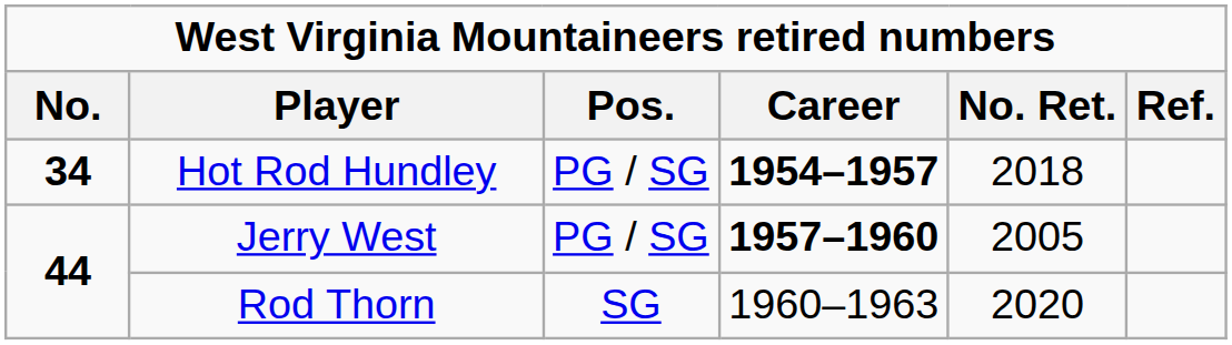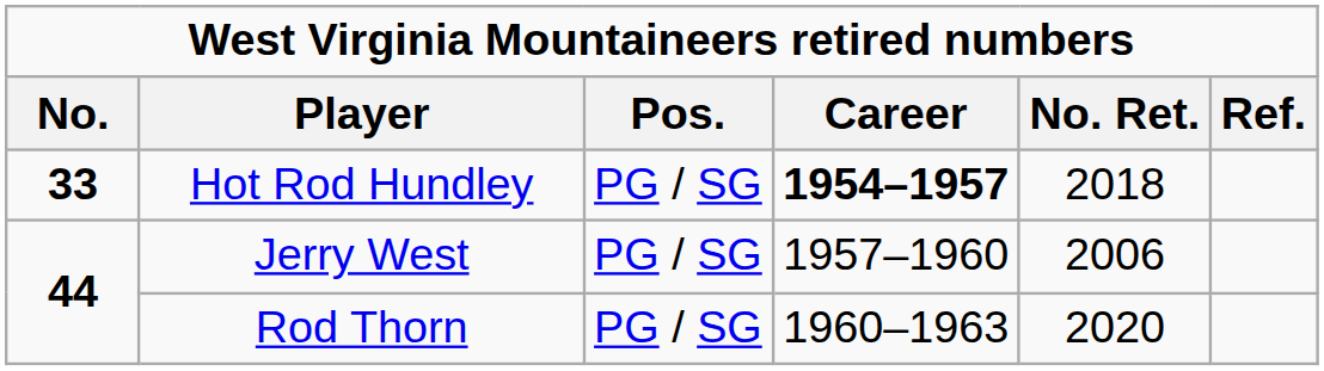 <table class="wikitable sortable" style="text-align:center">
 <tr>
 <td colspan="6"><strong>West Virginia Mountaineers retired numbers</strong></td>
 </tr>
 <tr>
 <th width=40px>No.</th>
 <th width=150px>Player</th>
 <th>Pos.</th>
 <th width=px>Career</th>
 <th>No. Ret.</th>
 <th>Ref.</th>
 </tr>
 <tr>
-<td><strong>34</strong></td>
+<td><strong>33</strong></td>
 <td><a href='#'>Hot Rod Hundley</a></td>
 <td><a href='#'>PG</a> / <a href='#'>SG</a></td>
 <td><strong>1954–1957</strong></td>
 <td>2018</td>
 <td></td>
 </tr>
 <tr>
 <td rowspan=2><strong>44</strong></td>
 <td><a href='#'>Jerry West</a></td>
 <td><a href='#'>PG</a> / <a href='#'>SG</a></td>
-<td><strong>1957–1960</strong></td>
-<td>2005</td>
+<td>1957–1960</td>
+<td>2006</td>
 <td></td>
 </tr>
 <tr>
 <td><a href='#'>Rod Thorn</a></td>
-<td><a href='#'>SG</a></td>
+<td><a href='#'>PG</a> / <a href='#'>SG</a></td>
 <td>1960–1963</td>
 <td>2020</td>
 <td></td>
 </tr>
 </table>
